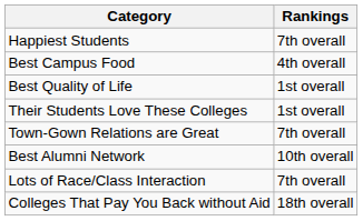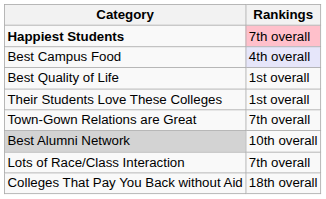 <table class="wikitable">
 <tr>
 <th>Category</th>
 <th>Rankings</th>
 </tr>
 <tr>
-<td>Happiest Students</td>
-<td>7th overall</td>
+<td><strong>Happiest Students</strong></td>
+<td style="background: pink;">7th overall</td>
 </tr>
 <tr>
 <td>Best Campus Food</td>
-<td>4th overall</td>
+<td style="background: lavender;">4th overall</td>
 </tr>
 <tr>
 <td>Best Quality of Life</td>
 <td>1st overall</td>
 </tr>
 <tr>
 <td>Their Students Love These Colleges</td>
 <td>1st overall</td>
 </tr>
 <tr>
 <td>Town-Gown Relations are Great</td>
 <td>7th overall</td>
 </tr>
 <tr>
-<td>Best Alumni Network</td>
+<td style="background: lightgrey;">Best Alumni Network</td>
 <td>10th overall</td>
 </tr>
 <tr>
 <td>Lots of Race/Class Interaction</td>
 <td>7th overall</td>
 </tr>
 <tr>
 <td>Colleges That Pay You Back without Aid</td>
 <td>18th overall</td>
 </tr>
 </table>
